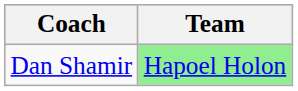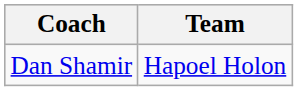 <table class="wikitable">
 <tr>
 <th align="center">Coach</th>
 <th align="center">Team</th>
 </tr>
 <tr>
 <td> <a href='#'>Dan Shamir</a></td>
-<td style="background: lightgreen;"><a href='#'>Hapoel Holon</a></td>
+<td><a href='#'>Hapoel Holon</a></td>
 </tr>
 </table>
